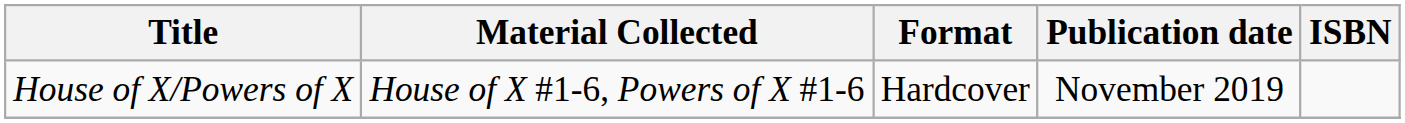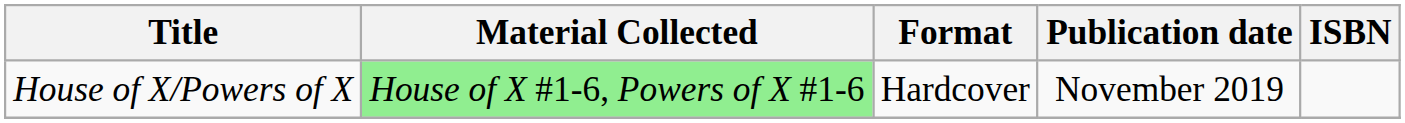 <table class="wikitable" style="text-align:center;">
 <tr>
 <th scope="col">Title</th>
 <th scope="col">Material Collected</th>
 <th scope="col">Format</th>
 <th scope="col">Publication date</th>
 <th scope="col">ISBN</th>
 </tr>
 <tr>
 <td><em>House of X/Powers of X</em></td>
-<td><em>House of X</em> #1-6, <em>Powers of X</em> #1-6</td>
+<td style="background: lightgreen;"><em>House of X</em> #1-6, <em>Powers of X</em> #1-6</td>
 <td>Hardcover</td>
 <td>November 2019</td>
 <td></td>
 </tr>
 <tr>
 </tr>
 </table>
